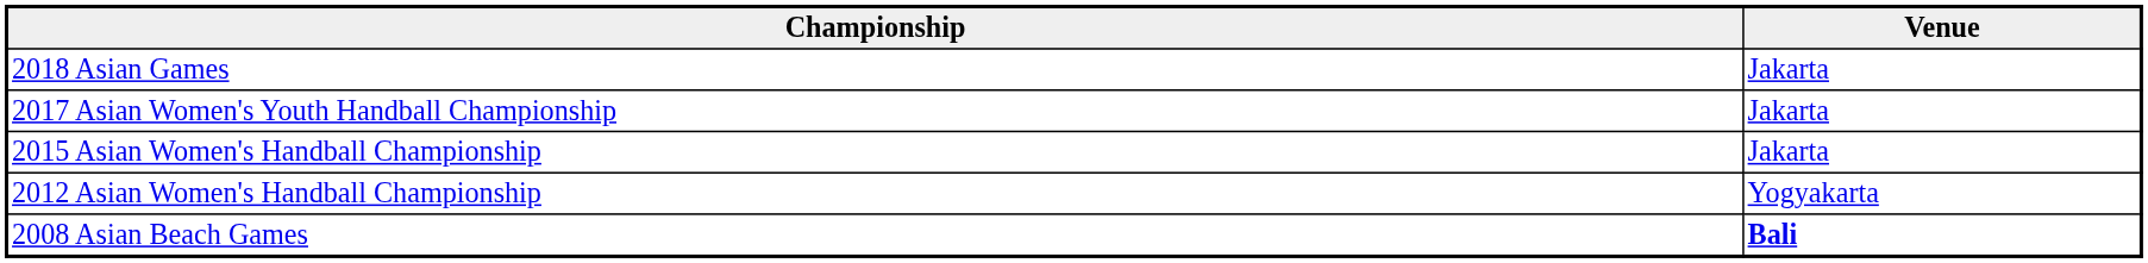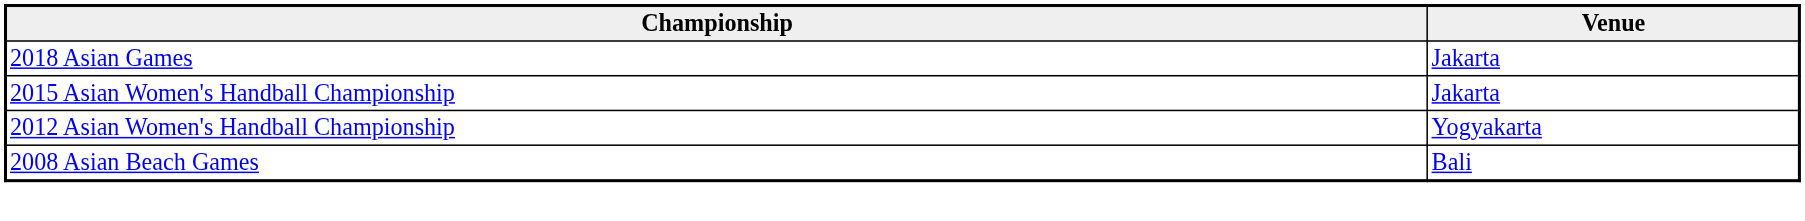 <table class="sortable" style="border-collapse: collapse; border: 2px #000000 solid; font-size: x-big; font-family: verdana" width="60%" cellspacing="0" cellpadding="2" border="1">
 <tr bgcolor="efefef" align="center">
 <th>Championship</th>
 <th>Venue</th>
 </tr>
 <tr>
 <td><a href='#'>2018 Asian Games</a></td>
-<td><a href='#'>Jakarta</a></td>
-</tr>
-<tr>
-<td><a href='#'>2017 Asian Women's Youth Handball Championship</a></td>
 <td><a href='#'>Jakarta</a></td>
 </tr>
 <tr>
 <td><a href='#'>2015 Asian Women's Handball Championship</a></td>
 <td><a href='#'>Jakarta</a></td>
 </tr>
 <tr>
 <td><a href='#'>2012 Asian Women's Handball Championship</a></td>
 <td><a href='#'>Yogyakarta</a></td>
 </tr>
 <tr>
 <td><a href='#'>2008 Asian Beach Games</a></td>
-<td><strong><a href='#'>Bali</a></strong></td>
+<td><a href='#'>Bali</a></td>
 </tr>
 </table>
